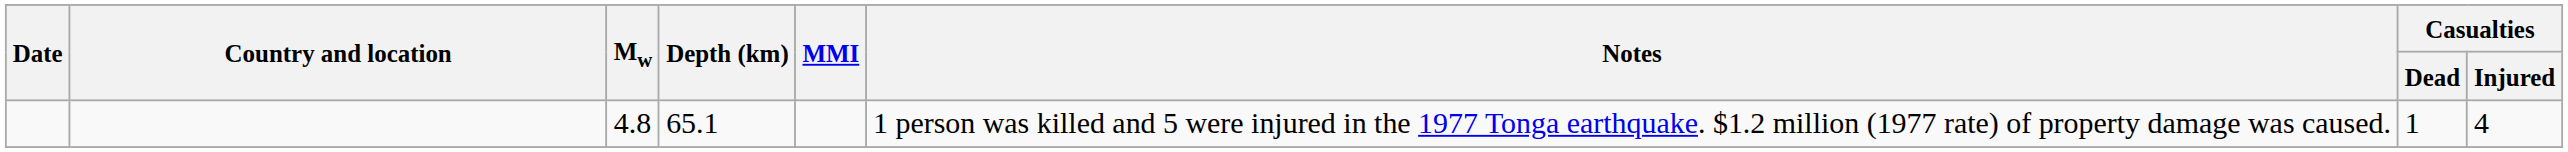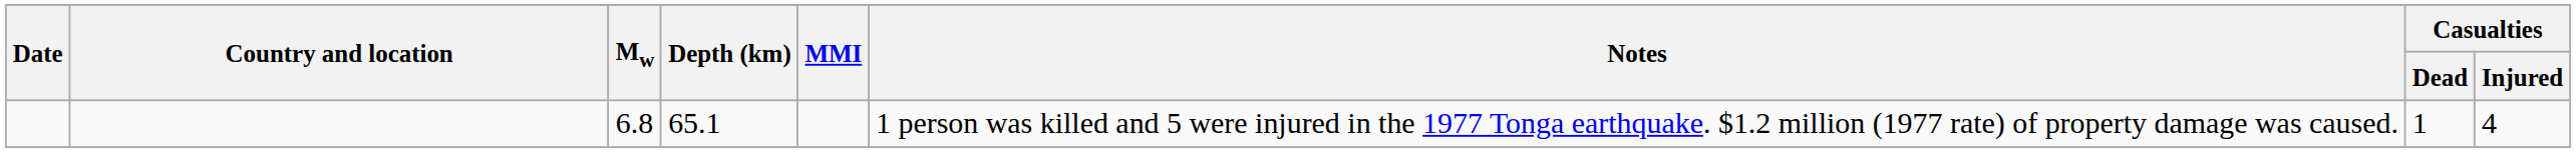 <table class="wikitable sortable sort-under" style="border:1px black; margin-left:1em;">
 <tr>
 <th rowspan="2"><small>Date</small></th>
 <th rowspan="2" style="width: 280px"><small>Country and location</small></th>
 <th rowspan="2"><small>M<sub>w</sub></small></th>
 <th rowspan="2"><small>Depth (km)</small></th>
 <th rowspan="2"><small><a href='#'>MMI</a></small></th>
 <th rowspan="2" class="unsortable"><small>Notes</small></th>
 <th colspan="2"><small>Casualties</small></th>
 </tr>
 <tr>
 <th><small>Dead</small></th>
 <th><small>Injured</small></th>
 </tr>
 <tr>
 <td></td>
 <td></td>
-<td>4.8</td>
+<td>6.8</td>
 <td>65.1</td>
 <td></td>
 <td>1 person was killed and 5 were injured in the <a href='#'>1977 Tonga earthquake</a>. $1.2 million (1977 rate) of property damage was caused.</td>
 <td>1</td>
 <td>4</td>
 </tr>
 </table>
